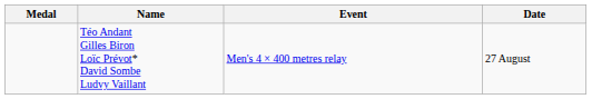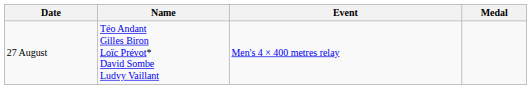 <table class="wikitable" style="font-size:90%" width=60%>
 <tr>
-<th>Medal</th>
+<th>Date</th>
 <th>Name</th>
 <th>Event</th>
-<th>Date</th>
+<th>Medal</th>
 </tr>
 <tr>
-<td></td>
+<td>27 August</td>
 <td><a href='#'>Téo Andant</a><br><a href='#'>Gilles Biron</a><br><a href='#'>Loïc Prévot</a>*<br><a href='#'>David Sombe</a><br><a href='#'>Ludvy Vaillant</a></td>
 <td><a href='#'>Men's 4 × 400 metres relay</a></td>
-<td>27 August</td>
+<td></td>
 </tr>
 </table>
